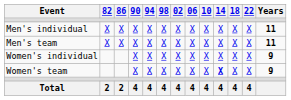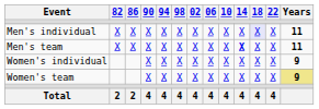 <table class=wikitable style="text-align:center">
 <tr>
 <th>Event</th>
 <th><a href='#'>82</a></th>
 <th><a href='#'>86</a></th>
 <th><a href='#'>90</a></th>
 <th><a href='#'>94</a></th>
 <th><a href='#'>98</a></th>
 <th><a href='#'>02</a></th>
 <th><a href='#'>06</a></th>
 <th><a href='#'>10</a></th>
 <th><a href='#'>14</a></th>
 <th><a href='#'>18</a></th>
 <th><a href='#'>22</a></th>
 <th>Years</th>
 </tr>
 <tr style="background:#DDDDDD;">
 <td colspan=13></td>
 </tr>
 <tr>
 <td align=left>Men's individual</td>
 <td><a href='#'>X</a></td>
 <td><a href='#'>X</a></td>
 <td><a href='#'>X</a></td>
 <td><a href='#'>X</a></td>
 <td><a href='#'>X</a></td>
 <td><a href='#'>X</a></td>
 <td><a href='#'>X</a></td>
 <td><a href='#'>X</a></td>
 <td><a href='#'>X</a></td>
-<td><a href='#'>X</a></td>
+<td style="background: lavender;"><a href='#'>X</a></td>
 <td><a href='#'>X</a></td>
 <td><strong>11</strong></td>
 </tr>
 <tr>
 <td align=left>Men's team</td>
 <td><a href='#'>X</a></td>
 <td><a href='#'>X</a></td>
 <td><a href='#'>X</a></td>
 <td><a href='#'>X</a></td>
 <td><a href='#'>X</a></td>
 <td><a href='#'>X</a></td>
 <td><a href='#'>X</a></td>
 <td><a href='#'>X</a></td>
-<td><a href='#'>X</a></td>
+<td><strong><a href='#'>X</a></strong></td>
 <td><a href='#'>X</a></td>
 <td><a href='#'>X</a></td>
 <td><strong>11</strong></td>
 </tr>
 <tr>
 <td align=left>Women's individual</td>
 <td></td>
 <td></td>
 <td><a href='#'>X</a></td>
 <td><a href='#'>X</a></td>
 <td><a href='#'>X</a></td>
 <td><a href='#'>X</a></td>
 <td><a href='#'>X</a></td>
 <td><a href='#'>X</a></td>
 <td><a href='#'>X</a></td>
 <td><a href='#'>X</a></td>
 <td><a href='#'>X</a></td>
 <td><strong>9</strong></td>
 </tr>
 <tr>
 <td align=left>Women's team</td>
 <td></td>
 <td></td>
 <td><a href='#'>X</a></td>
 <td><a href='#'>X</a></td>
 <td><a href='#'>X</a></td>
 <td><a href='#'>X</a></td>
 <td><a href='#'>X</a></td>
 <td><a href='#'>X</a></td>
-<td><strong><a href='#'>X</a></strong></td>
 <td><a href='#'>X</a></td>
 <td><a href='#'>X</a></td>
-<td><strong>9</strong></td>
+<td><a href='#'>X</a></td>
+<td style="background: khaki;"><strong>9</strong></td>
 </tr>
 <tr style="background:#DDDDDD;">
 <td colspan=13></td>
 </tr>
 <tr>
 <th>Total</th>
 <th>2</th>
 <th>2</th>
 <th>4</th>
 <th>4</th>
 <th>4</th>
 <th>4</th>
 <th>4</th>
 <th>4</th>
 <th>4</th>
 <th>4</th>
 <th>4</th>
 <th></th>
 </tr>
 </table>
